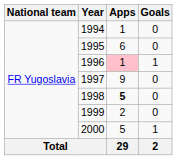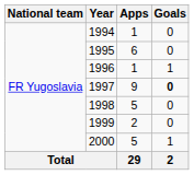 <table class="wikitable" style="text-align:center">
 <tr>
 <th>National team</th>
 <th>Year</th>
 <th>Apps</th>
 <th>Goals</th>
 </tr>
 <tr>
 <td rowspan="7"><a href='#'>FR Yugoslavia</a></td>
 <td>1994</td>
 <td>1</td>
 <td>0</td>
 </tr>
 <tr>
 <td>1995</td>
 <td>6</td>
 <td>0</td>
 </tr>
 <tr>
 <td>1996</td>
-<td style="background: pink;">1</td>
+<td>1</td>
 <td>1</td>
 </tr>
 <tr>
 <td>1997</td>
 <td>9</td>
-<td>0</td>
+<td><strong>0</strong></td>
 </tr>
 <tr>
 <td>1998</td>
-<td><strong>5</strong></td>
+<td>5</td>
 <td>0</td>
 </tr>
 <tr>
 <td>1999</td>
 <td>2</td>
 <td>0</td>
 </tr>
 <tr>
 <td>2000</td>
 <td>5</td>
 <td>1</td>
 </tr>
 <tr>
 <th colspan="2">Total</th>
 <th>29</th>
 <th>2</th>
 </tr>
 </table>
